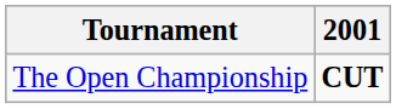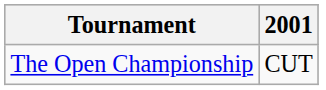 <table class="wikitable" style="font-size:95%;text-align:center;">
 <tr>
 <th>Tournament</th>
 <th>2001</th>
 </tr>
 <tr>
 <td align=left><a href='#'>The Open Championship</a></td>
-<td><strong>CUT</strong></td>
+<td>CUT</td>
 </tr>
 </table>
